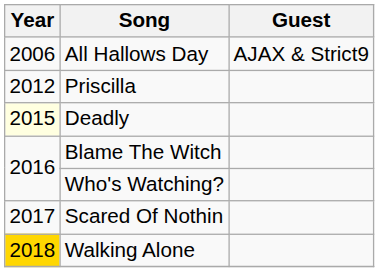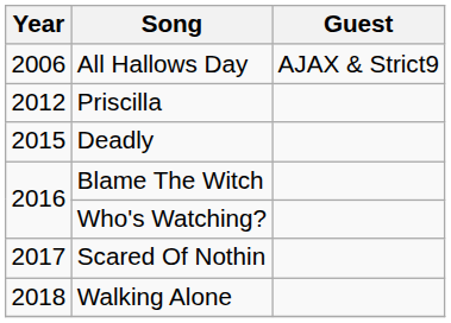 <table class="wikitable" border="1">
 <tr>
 <th>Year</th>
 <th>Song</th>
 <th>Guest</th>
 </tr>
 <tr>
 <td>2006</td>
 <td>All Hallows Day</td>
 <td>AJAX & Strict9</td>
 </tr>
 <tr>
 <td>2012</td>
 <td>Priscilla</td>
 <td></td>
 </tr>
 <tr>
-<td style="background: lightyellow;">2015</td>
+<td>2015</td>
 <td>Deadly</td>
 <td></td>
 </tr>
 <tr>
 <td rowspan="2">2016</td>
 <td>Blame The Witch</td>
 <td></td>
 </tr>
 <tr>
 <td>Who's Watching?</td>
 <td></td>
 </tr>
 <tr>
 <td>2017</td>
 <td>Scared Of Nothin</td>
 <td></td>
 </tr>
 <tr>
-<td style="background: gold;">2018</td>
+<td>2018</td>
 <td>Walking Alone</td>
 <td></td>
 </tr>
 <tr>
 </tr>
 </table>
